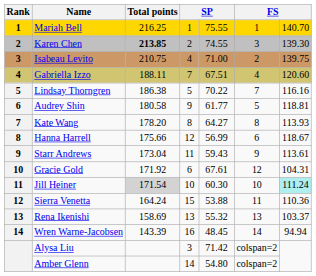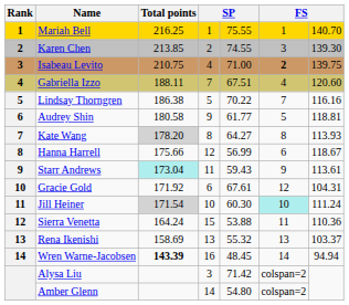 <table class="wikitable sortable">
 <tr>
 <th>Rank</th>
 <th>Name</th>
 <th>Total points</th>
 <th colspan="2" width="80px"><a href='#'>SP</a></th>
 <th colspan="2" width="80px"><a href='#'>FS</a></th>
 </tr>
 <tr bgcolor="gold">
 <td align="center"><strong>1</strong></td>
 <td><a href='#'>Mariah Bell</a></td>
 <td align="center">216.25</td>
 <td align="center">1</td>
 <td align="center">75.55</td>
 <td align="center">1</td>
 <td align="center">140.70</td>
 </tr>
 <tr bgcolor="silver">
 <td align="center"><strong>2</strong></td>
 <td><a href='#'>Karen Chen</a></td>
-<td align="center"><strong>213.85</strong></td>
+<td align="center">213.85</td>
 <td align="center">2</td>
 <td align="center">74.55</td>
 <td align="center">3</td>
 <td align="center">139.30</td>
 </tr>
 <tr bgcolor="cc9966">
 <td align="center"><strong>3</strong></td>
 <td><a href='#'>Isabeau Levito</a></td>
 <td align="center">210.75</td>
 <td align="center">4</td>
 <td align="center">71.00</td>
-<td align="center">2</td>
+<td align="center"><strong>2</strong></td>
 <td align="center">139.75</td>
 </tr>
 <tr bgcolor="#d1c571">
 <td align="center"><strong>4</strong></td>
 <td><a href='#'>Gabriella Izzo</a></td>
 <td align="center">188.11</td>
 <td align="center">7</td>
 <td align="center">67.51</td>
 <td align="center">4</td>
 <td align="center">120.60</td>
 </tr>
 <tr>
 <th>5</th>
 <td><a href='#'>Lindsay Thorngren</a></td>
 <td align="center">186.38</td>
 <td align="center">5</td>
 <td align="center">70.22</td>
 <td align="center">7</td>
 <td align="center">116.16</td>
 </tr>
 <tr>
 <th>6</th>
 <td><a href='#'>Audrey Shin</a></td>
 <td align="center">180.58</td>
 <td align="center">9</td>
 <td align="center">61.77</td>
 <td align="center">5</td>
 <td align="center">118.81</td>
 </tr>
 <tr>
 <th>7</th>
 <td><a href='#'>Kate Wang</a></td>
-<td align="center">178.20</td>
+<td align="center" style="background: lightgrey;">178.20</td>
 <td align="center">8</td>
 <td align="center">64.27</td>
 <td align="center">8</td>
 <td align="center">113.93</td>
 </tr>
 <tr>
 <th>8</th>
 <td><a href='#'>Hanna Harrell</a></td>
 <td align="center">175.66</td>
 <td align="center">12</td>
 <td align="center">56.99</td>
 <td align="center">6</td>
 <td align="center">118.67</td>
 </tr>
 <tr>
 <th>9</th>
 <td><a href='#'>Starr Andrews</a></td>
-<td align="center">173.04</td>
+<td align="center" style="background: paleturquoise;">173.04</td>
 <td align="center">11</td>
 <td align="center">59.43</td>
 <td align="center">9</td>
 <td align="center">113.61</td>
 </tr>
 <tr>
 <th>10</th>
 <td><a href='#'>Gracie Gold</a></td>
 <td align="center">171.92</td>
 <td align="center">6</td>
 <td align="center">67.61</td>
 <td align="center">12</td>
 <td align="center">104.31</td>
 </tr>
 <tr>
 <th>11</th>
 <td><a href='#'>Jill Heiner</a></td>
 <td align="center" style="background: lightgrey;">171.54</td>
 <td align="center">10</td>
 <td align="center">60.30</td>
-<td align="center">10</td>
-<td align="center" style="background: paleturquoise;">111.24</td>
+<td align="center" style="background: paleturquoise;">10</td>
+<td align="center">111.24</td>
 </tr>
 <tr>
 <th>12</th>
 <td><a href='#'>Sierra Venetta</a></td>
 <td align="center">164.24</td>
 <td align="center">15</td>
 <td align="center">53.88</td>
 <td align="center">11</td>
 <td align="center">110.36</td>
 </tr>
 <tr>
 <th>13</th>
 <td><a href='#'>Rena Ikenishi</a></td>
 <td align="center">158.69</td>
 <td align="center">13</td>
 <td align="center">55.32</td>
 <td align="center">13</td>
 <td align="center">103.37</td>
 </tr>
 <tr>
 <th>14</th>
 <td><a href='#'>Wren Warne-Jacobsen</a></td>
-<td align="center">143.39</td>
+<td align="center"><strong>143.39</strong></td>
 <td align="center">16</td>
 <td align="center">48.45</td>
 <td align="center">14</td>
 <td align="center">94.94</td>
 </tr>
 <tr>
 <th rowspan="2"></th>
 <td><a href='#'>Alysa Liu</a></td>
 <td></td>
 <td align="center">3</td>
 <td align="center">71.42</td>
 <td>colspan=2 </td>
 </tr>
 <tr>
 <td><a href='#'>Amber Glenn</a></td>
 <td></td>
 <td align="center">14</td>
 <td align="center">54.80</td>
 <td>colspan=2 </td>
 </tr>
 </table>
